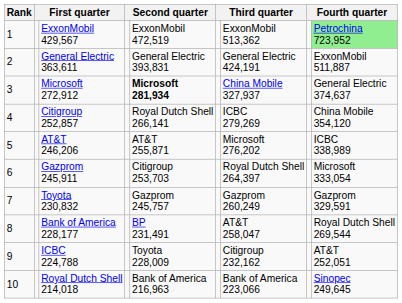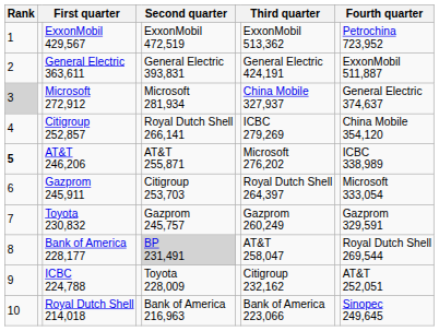 <table class="wikitable">
 <tr>
 <th>Rank</th>
 <th colspan=2>First quarter</th>
 <th colspan=2>Second quarter</th>
 <th colspan=2>Third quarter</th>
 <th colspan=2>Fourth quarter</th>
 </tr>
 <tr>
 <td>1</td>
 <td></td>
 <td><a href='#'>ExxonMobil</a> <br> 429,567</td>
 <td></td>
 <td>ExxonMobil <br> 472,519</td>
 <td></td>
 <td>ExxonMobil <br> 513,362</td>
 <td></td>
-<td style="background: lightgreen;"><a href='#'>Petrochina</a> <br> 723,952</td>
+<td><a href='#'>Petrochina</a> <br> 723,952</td>
 </tr>
 <tr>
 <td>2</td>
 <td></td>
 <td><a href='#'>General Electric</a> <br> 363,611</td>
 <td></td>
 <td>General Electric <br> 393,831</td>
 <td></td>
 <td>General Electric<br>424,191</td>
 <td></td>
 <td>ExxonMobil <br>511,887</td>
 </tr>
 <tr>
-<td>3</td>
+<td style="background: lightgrey;">3</td>
 <td></td>
 <td><a href='#'>Microsoft</a> <br> 272,912</td>
 <td></td>
-<td><strong>Microsoft <br> 281,934</strong></td>
+<td>Microsoft <br> 281,934</td>
 <td></td>
 <td><a href='#'>China Mobile</a><br> 327,937</td>
 <td></td>
 <td>General Electric<br> 374,637</td>
 </tr>
 <tr>
 <td>4</td>
 <td></td>
 <td><a href='#'>Citigroup</a> <br> 252,857</td>
 <td><br></td>
 <td>Royal Dutch Shell<br>266,141</td>
 <td></td>
 <td>ICBC <br> 279,269</td>
 <td></td>
 <td>China Mobile <br> 354,120</td>
 </tr>
 <tr>
-<td>5</td>
+<td><strong>5</strong></td>
 <td></td>
 <td><a href='#'>AT&T</a><br> 246,206</td>
 <td></td>
 <td>AT&T <br> 255,871</td>
 <td></td>
 <td>Microsoft <br> 276,202</td>
 <td></td>
 <td>ICBC <br> 338,989</td>
 </tr>
 <tr>
 <td>6</td>
 <td></td>
 <td><a href='#'>Gazprom</a> <br> 245,911</td>
 <td></td>
 <td>Citigroup <br> 253,703</td>
 <td><br></td>
 <td>Royal Dutch Shell <br> 264,397</td>
 <td></td>
 <td>Microsoft<br> 333,054</td>
 </tr>
 <tr>
 <td>7</td>
 <td></td>
 <td><a href='#'>Toyota</a> <br> 230,832</td>
 <td></td>
 <td>Gazprom <br> 245,757</td>
 <td></td>
 <td>Gazprom<br> 260,249</td>
 <td></td>
 <td>Gazprom<br> 329,591</td>
 </tr>
 <tr>
 <td>8</td>
 <td></td>
 <td><a href='#'>Bank of America</a> <br> 228,177</td>
 <td></td>
-<td><a href='#'>BP</a> <br> 231,491</td>
+<td style="background: lightgrey;"><a href='#'>BP</a> <br> 231,491</td>
 <td></td>
 <td>AT&T <br> 258,047</td>
 <td><br></td>
 <td>Royal Dutch Shell <br> 269,544</td>
 </tr>
 <tr>
 <td>9</td>
 <td></td>
 <td><a href='#'>ICBC</a> <br> 224,788</td>
 <td></td>
 <td>Toyota <br> 228,009</td>
 <td></td>
 <td>Citigroup <br> 232,162</td>
 <td></td>
 <td>AT&T <br> 252,051</td>
 </tr>
 <tr>
 <td>10</td>
 <td><br></td>
 <td><a href='#'>Royal Dutch Shell</a> <br> 214,018</td>
 <td></td>
 <td>Bank of America <br> 216,963</td>
 <td></td>
 <td>Bank of America <br> 223,066</td>
 <td></td>
 <td><a href='#'>Sinopec</a> <br> 249,645</td>
 </tr>
 </table>
